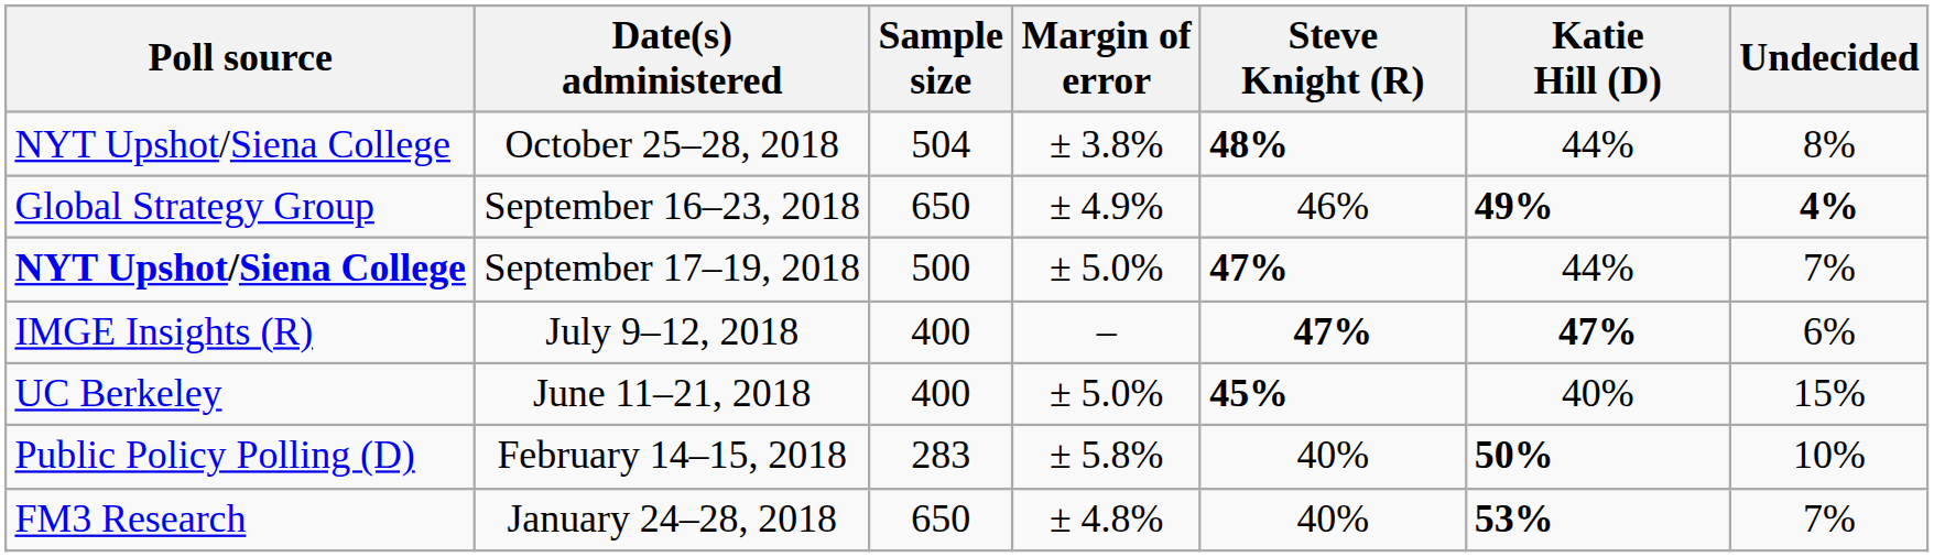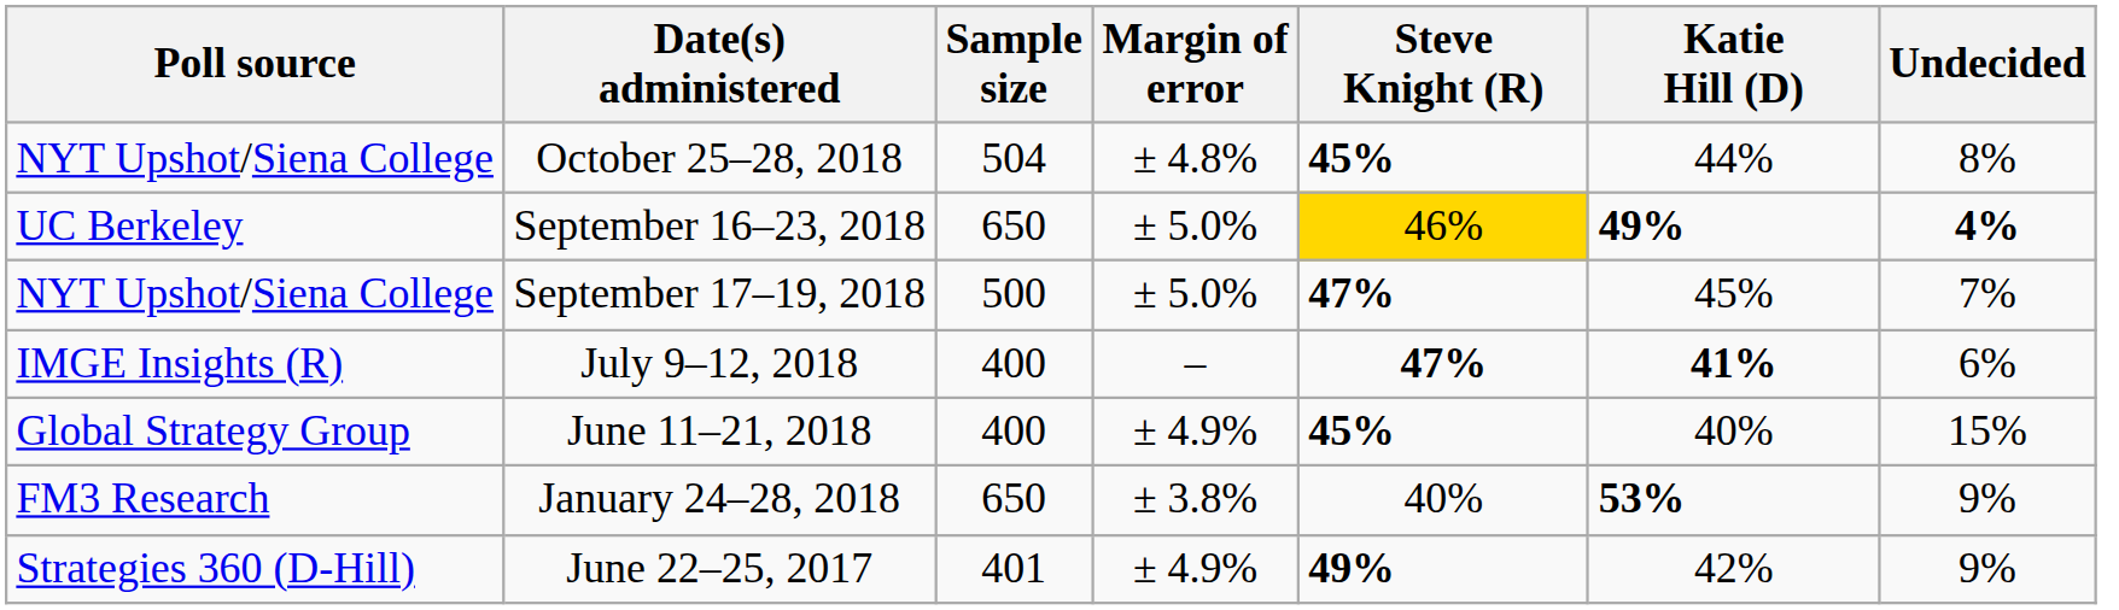 <table class="wikitable">
 <tr>
 <th>Poll source</th>
 <th>Date(s)<br>administered</th>
 <th>Sample<br>size</th>
 <th>Margin of<br>error</th>
 <th style="width:100px;">Steve<br>Knight (R)</th>
 <th style="width:100px;">Katie<br>Hill (D)</th>
 <th>Undecided</th>
 </tr>
 <tr>
 <td><a href='#'>NYT Upshot</a>/<a href='#'>Siena College</a></td>
 <td style="text-align:center">October 25–28, 2018</td>
 <td style="text-align:center">504</td>
-<td style="text-align:center">± 3.8%</td>
-<td style="background-color:"><strong>48%</strong></td>
+<td style="text-align:center">± 4.8%</td>
+<td style="background-color:"><strong>45%</strong></td>
 <td style="text-align:center">44%</td>
 <td style="text-align:center">8%</td>
 </tr>
 <tr>
-<td><a href='#'>Global Strategy Group</a></td>
+<td><a href='#'>UC Berkeley</a></td>
 <td style="text-align:center">September 16–23, 2018</td>
 <td style="text-align:center">650</td>
-<td style="text-align:center">± 4.9%</td>
-<td style="text-align:center">46%</td>
+<td style="text-align:center">± 5.0%</td>
+<td style="background: gold; text-align:center">46%</td>
 <td style="background-color:"><strong>49%</strong></td>
 <td style="text-align:center"><strong>4%</strong></td>
 </tr>
 <tr>
-<td><strong><a href='#'>NYT Upshot</a>/<a href='#'>Siena College</a></strong></td>
+<td><a href='#'>NYT Upshot</a>/<a href='#'>Siena College</a></td>
 <td style="text-align:center">September 17–19, 2018</td>
 <td style="text-align:center">500</td>
 <td style="text-align:center">± 5.0%</td>
 <td style="background-color:"><strong>47%</strong></td>
-<td style="text-align:center">44%</td>
+<td style="text-align:center">45%</td>
 <td style="text-align:center">7%</td>
 </tr>
 <tr>
 <td><a href='#'>IMGE Insights (R)</a></td>
 <td style="text-align:center">July 9–12, 2018</td>
 <td style="text-align:center">400</td>
 <td style="text-align:center">–</td>
 <td style="text-align:center"><strong>47%</strong></td>
-<td style="text-align:center"><strong>47%</strong></td>
+<td style="text-align:center"><strong>41%</strong></td>
 <td style="text-align:center">6%</td>
 </tr>
 <tr>
-<td><a href='#'>UC Berkeley</a></td>
+<td><a href='#'>Global Strategy Group</a></td>
 <td style="text-align:center">June 11–21, 2018</td>
 <td style="text-align:center">400</td>
-<td style="text-align:center">± 5.0%</td>
+<td style="text-align:center">± 4.9%</td>
 <td style="background-color:"><strong>45%</strong></td>
 <td style="text-align:center">40%</td>
 <td style="text-align:center">15%</td>
 </tr>
 <tr>
-<td><a href='#'>Public Policy Polling (D)</a></td>
-<td style="text-align:center">February 14–15, 2018</td>
-<td style="text-align:center">283</td>
-<td style="text-align:center">± 5.8%</td>
-<td style="text-align:center">40%</td>
-<td style="background-color:"><strong>50%</strong></td>
-<td style="text-align:center">10%</td>
-</tr>
-<tr>
 <td><a href='#'>FM3 Research</a></td>
 <td style="text-align:center">January 24–28, 2018</td>
 <td style="text-align:center">650</td>
-<td style="text-align:center">± 4.8%</td>
+<td style="text-align:center">± 3.8%</td>
 <td style="text-align:center">40%</td>
 <td style="background-color:"><strong>53%</strong></td>
-<td style="text-align:center">7%</td>
+<td style="text-align:center">9%</td>
+</tr>
+<tr>
+<td><a href='#'>Strategies 360 (D-Hill)</a></td>
+<td style="text-align:center">June 22–25, 2017</td>
+<td style="text-align:center">401</td>
+<td style="text-align:center">± 4.9%</td>
+<td style="background-color:"><strong>49%</strong></td>
+<td style="text-align:center">42%</td>
+<td style="text-align:center">9%</td>
 </tr>
 </table>
